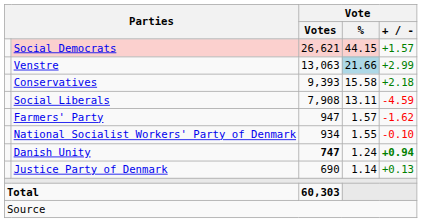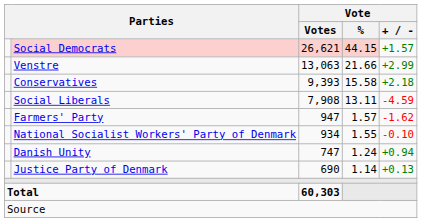 <table class="wikitable" style="text-align:right;">
 <tr>
 <th style="text-align:centre;" rowspan="2" colspan="2" width="225">Parties</th>
 <th colspan="3">Vote</th>
 </tr>
 <tr>
 <th width="15">Votes</th>
 <th width="15">%</th>
 <th width="15">+ / -</th>
 </tr>
 <tr>
 <td width="2" style="color:inherit;background:"></td>
 <td bgcolor=#fbd0ce  align="left"><a href='#'>Social Democrats</a></td>
 <td bgcolor=#fbd0ce>26,621</td>
 <td bgcolor=#fbd0ce>44.15</td>
 <td style=color:green;>+1.57</td>
 </tr>
 <tr>
 <td width="2" style="color:inherit;background:"></td>
 <td align="left"><a href='#'>Venstre</a></td>
 <td>13,063</td>
-<td style="background: lightblue;">21.66</td>
+<td>21.66</td>
 <td style=color:green;>+2.99</td>
 </tr>
 <tr>
 <td width="2" style="color:inherit;background:"></td>
 <td align="left"><a href='#'>Conservatives</a></td>
 <td>9,393</td>
 <td>15.58</td>
 <td style=color:green;>+2.18</td>
 </tr>
 <tr>
 <td width="2" style="color:inherit;background:"></td>
 <td align="left"><a href='#'>Social Liberals</a></td>
 <td>7,908</td>
 <td>13.11</td>
 <td style=color:red;>-4.59</td>
 </tr>
 <tr>
 <td width="2" style="color:inherit;background:"></td>
 <td align="left"><a href='#'>Farmers' Party</a></td>
 <td>947</td>
 <td>1.57</td>
 <td style=color:red;>-1.62</td>
 </tr>
 <tr>
 <td width="2" style="color:inherit;background:"></td>
 <td align="left"><a href='#'>National Socialist Workers' Party of Denmark</a></td>
 <td>934</td>
 <td>1.55</td>
 <td style=color:red;>-0.10</td>
 </tr>
 <tr>
 <td width="2" style="color:inherit;background:"></td>
 <td align="left"><a href='#'>Danish Unity</a></td>
-<td><strong>747</strong></td>
+<td>747</td>
 <td>1.24</td>
-<td style=color:green;><strong>+0.94</strong></td>
+<td style=color:green;>+0.94</td>
 </tr>
 <tr>
 <td width="2" style="color:inherit;background:"></td>
 <td align="left"><a href='#'>Justice Party of Denmark</a></td>
 <td>690</td>
 <td>1.14</td>
 <td style=color:green;>+0.13</td>
 </tr>
 <tr>
 <td colspan="7" bgcolor="#E9E9E9"></td>
 </tr>
 <tr>
 <td align="left" colspan="2"><strong>Total</strong></td>
 <td><strong>60,303</strong></td>
 <td bgcolor="#E9E9E9" colspan="2"></td>
 </tr>
 <tr>
 <td align="left" colspan="6">Source</td>
 </tr>
 </table>
